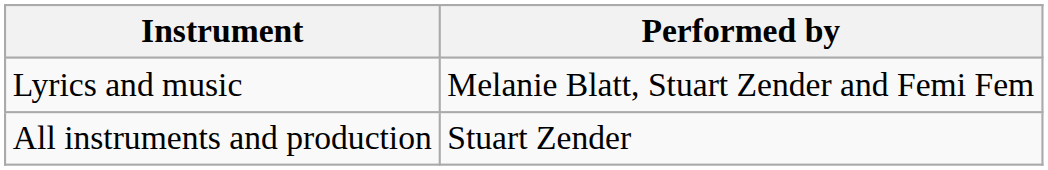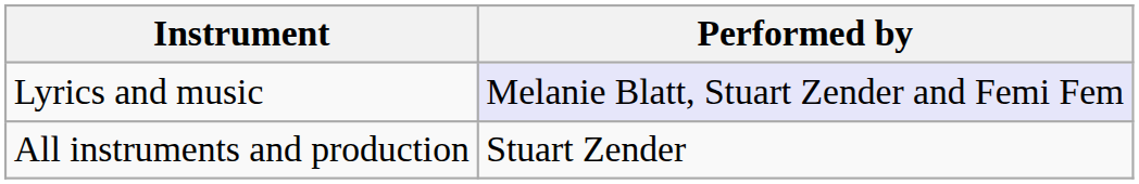 <table class="wikitable">
 <tr>
 <th bgcolor="#ebf5ff" align="center">Instrument</th>
 <th bgcolor="#ebf5ff" align="center">Performed by</th>
 </tr>
 <tr>
 <td valign="top">Lyrics and music</td>
-<td>Melanie Blatt, Stuart Zender and Femi Fem</td>
+<td style="background: lavender;">Melanie Blatt, Stuart Zender and Femi Fem</td>
 </tr>
 <tr>
 <td valign="top">All instruments and production</td>
 <td>Stuart Zender</td>
 </tr>
 </table>
